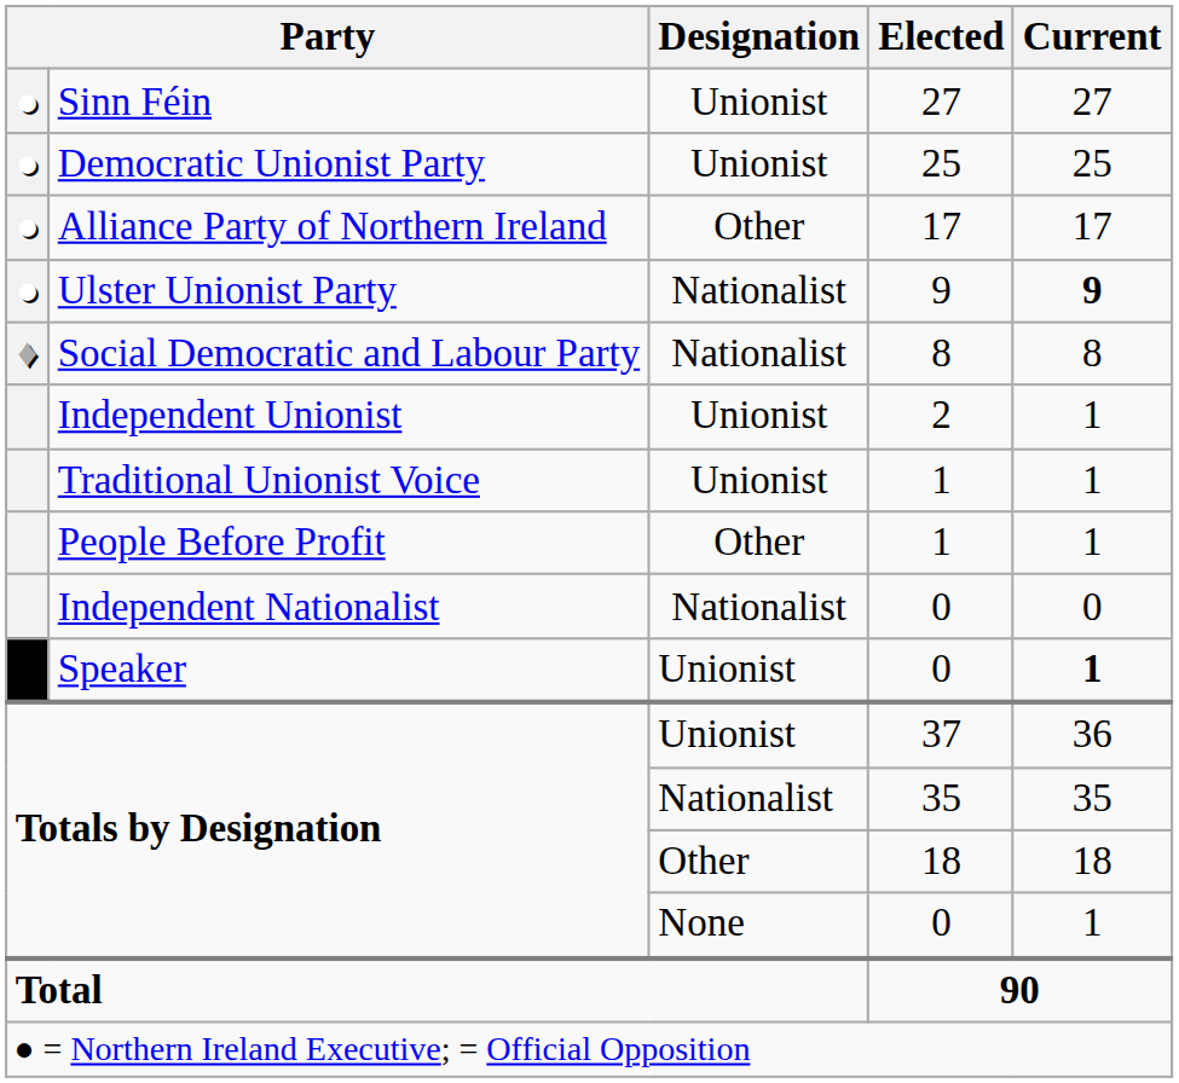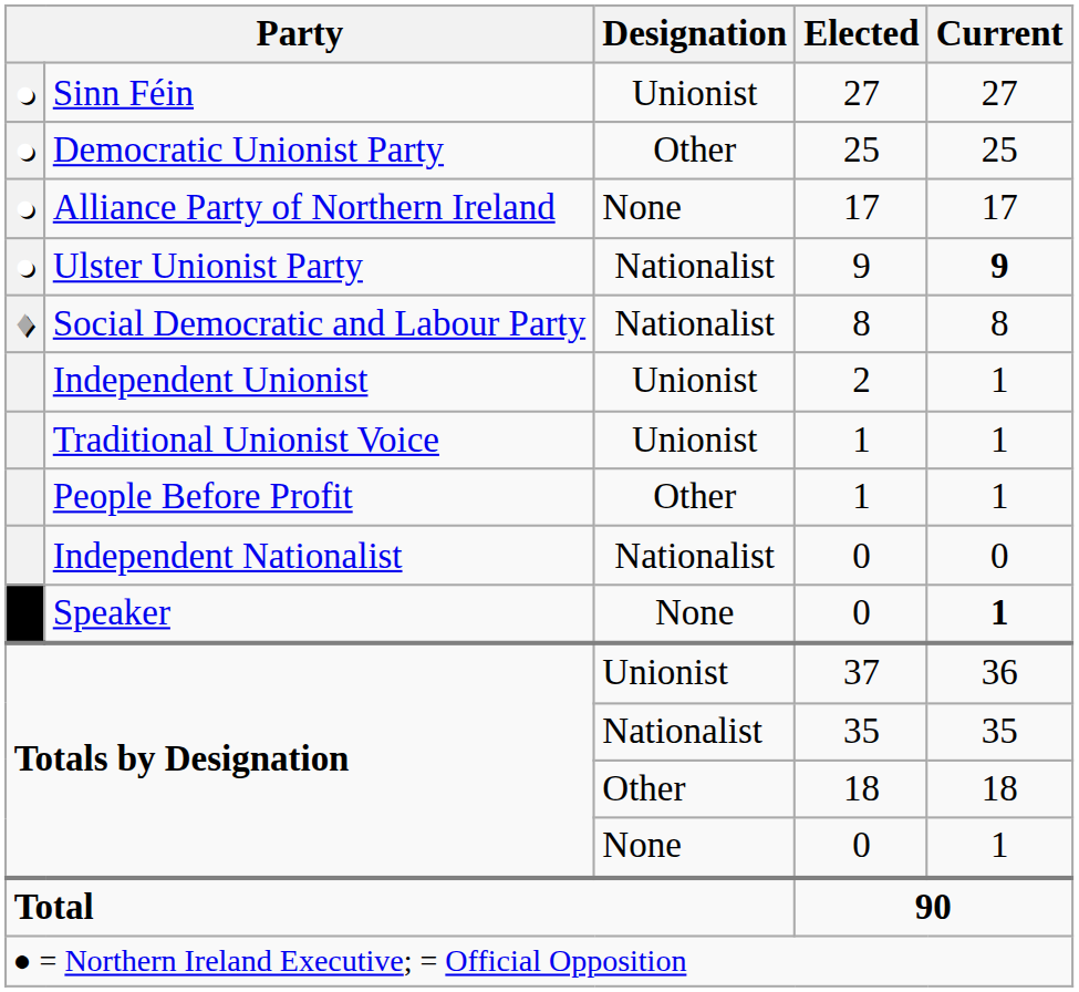 <table class="wikitable">
 <tr>
 <th colspan="2">Party</th>
 <th>Designation</th>
 <th>Elected</th>
 <th>Current</th>
 </tr>
 <tr>
 <th style="color: white; text-shadow: 1px 1px 0 black; background-color: ">●</th>
 <td><a href='#'>Sinn Féin</a></td>
 <td style="text-align:center;">Unionist</td>
 <td style="text-align:center;">27</td>
 <td style="text-align:center;">27</td>
 </tr>
 <tr>
 <th style="color: white; text-shadow: 1px 1px 0 black; background-color: ">●</th>
 <td><a href='#'>Democratic Unionist Party</a></td>
-<td style="text-align:center;">Unionist</td>
+<td style="text-align:center;">Other</td>
 <td style="text-align:center;">25</td>
 <td style="text-align:center;">25</td>
 </tr>
 <tr>
 <th style="color: white; text-shadow: 1px 1px 0 black; background-color: ">●</th>
 <td><a href='#'>Alliance Party of Northern Ireland</a></td>
-<td style="text-align:center;">Other</td>
+<td>None</td>
 <td style="text-align:center;">17</td>
 <td style="text-align:center;">17</td>
 </tr>
 <tr>
 <th style="color: white; text-shadow: 1px 1px 0 black; background-color: ">●</th>
 <td><a href='#'>Ulster Unionist Party</a></td>
 <td style="text-align:center;">Nationalist</td>
 <td style="text-align:center;">9</td>
 <td style="text-align:center;"><strong>9</strong></td>
 </tr>
 <tr>
 <th style="color: #aaaaaa; text-shadow: 1px 1px 0 black; background-color: ">♦</th>
 <td><a href='#'>Social Democratic and Labour Party</a></td>
 <td style="text-align:center;">Nationalist</td>
 <td style="text-align:center;">8</td>
 <td style="text-align:center;">8</td>
 </tr>
 <tr>
 <th style="color: white; text-shadow: 1px 1px 0 black; background-color: "></th>
 <td><a href='#'>Independent Unionist</a></td>
 <td style="text-align:center;">Unionist</td>
 <td style="text-align:center;">2</td>
 <td style="text-align:center;">1</td>
 </tr>
 <tr>
 <th style="color: white; text-shadow: 1px 1px 0 black; background-color: "></th>
 <td><a href='#'>Traditional Unionist Voice</a></td>
 <td style="text-align:center;">Unionist</td>
 <td style="text-align:center;">1</td>
 <td style="text-align:center;">1</td>
 </tr>
 <tr>
 <th style="color: white; text-shadow: 1px 1px 0 black; background-color: "></th>
 <td><a href='#'>People Before Profit</a></td>
 <td style="text-align:center;">Other</td>
 <td style="text-align:center;">1</td>
 <td style="text-align:center;">1</td>
 </tr>
 <tr>
 <th style="color: white; text-shadow: 1px 1px 0 black; background-color: "></th>
 <td><a href='#'>Independent Nationalist</a></td>
 <td style="text-align:center;">Nationalist</td>
 <td style="text-align:center;">0</td>
 <td style="text-align:center;">0</td>
 </tr>
 <tr>
 <th style="background-color: black"></th>
 <td><a href='#'>Speaker</a></td>
-<td>Unionist</td>
+<td align="center">None</td>
 <td align="center">0</td>
 <td align="center"><strong>1</strong></td>
 </tr>
 <tr style="border-top: 2px solid gray;">
 <td colspan="2" rowspan="4"><strong>Totals by Designation</strong></td>
 <td>Unionist</td>
 <td style="text-align:center;">37</td>
 <td style="text-align:center;">36</td>
 </tr>
 <tr>
 <td>Nationalist</td>
 <td style="text-align:center;">35</td>
 <td style="text-align:center;">35</td>
 </tr>
 <tr>
 <td>Other</td>
 <td style="text-align:center;">18</td>
 <td style="text-align:center;">18</td>
 </tr>
 <tr>
 <td>None</td>
 <td style="text-align:center;">0</td>
 <td style="text-align:center;">1</td>
 </tr>
 <tr style="border-top: 2px solid gray;">
 <td colspan="3"><strong>Total</strong></td>
 <td colspan="2" style="text-align:center;"><strong>90</strong></td>
 </tr>
 <tr>
 <td colspan="5" style="font-size:85%">● = <a href='#'>Northern Ireland Executive</a>;  = <a href='#'>Official Opposition</a></td>
 </tr>
 </table>
